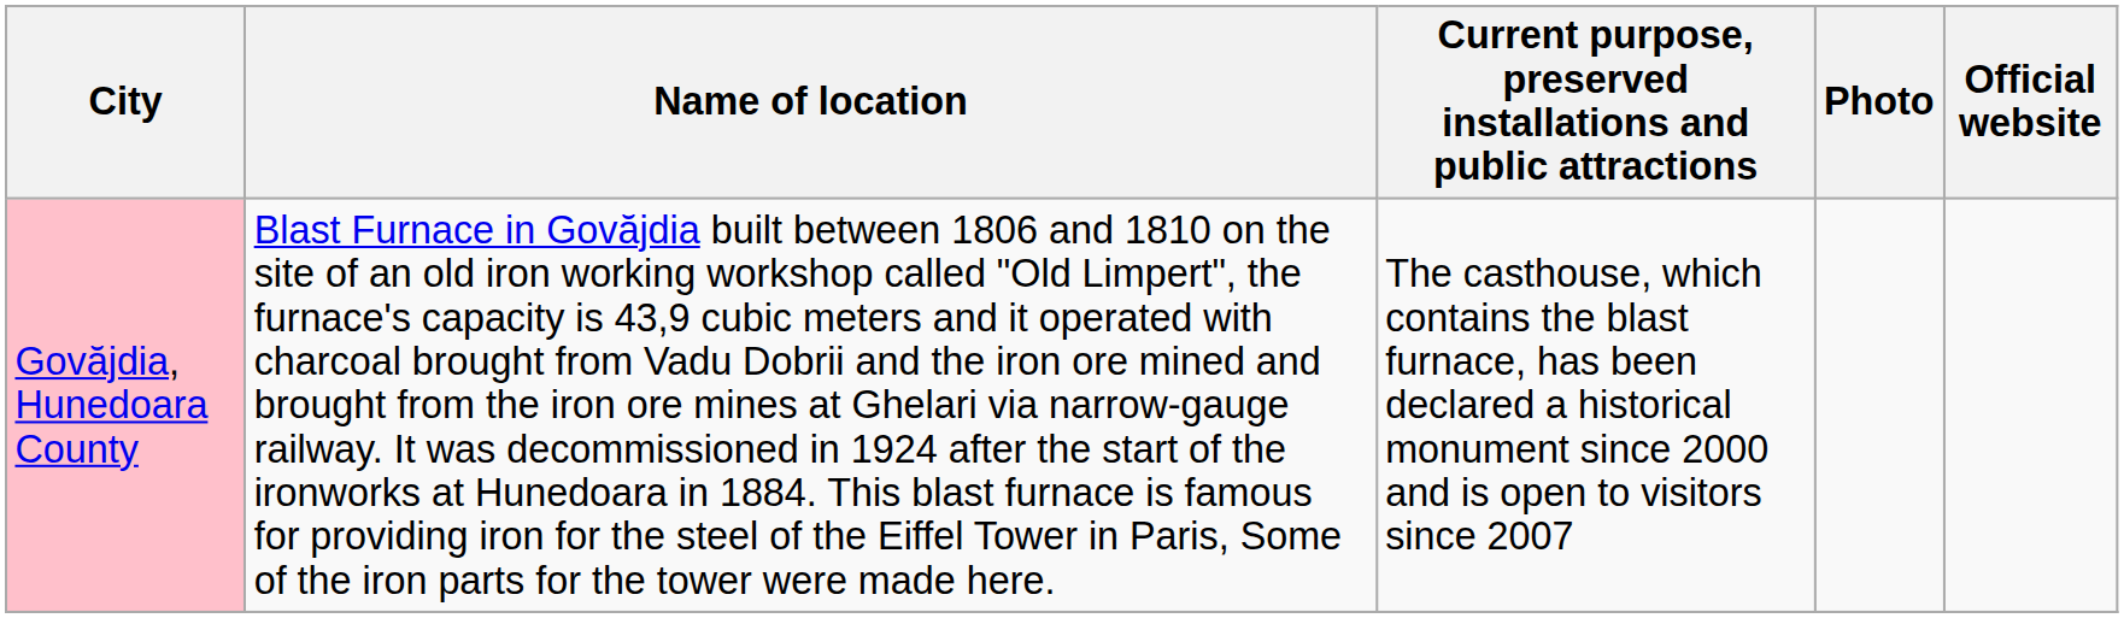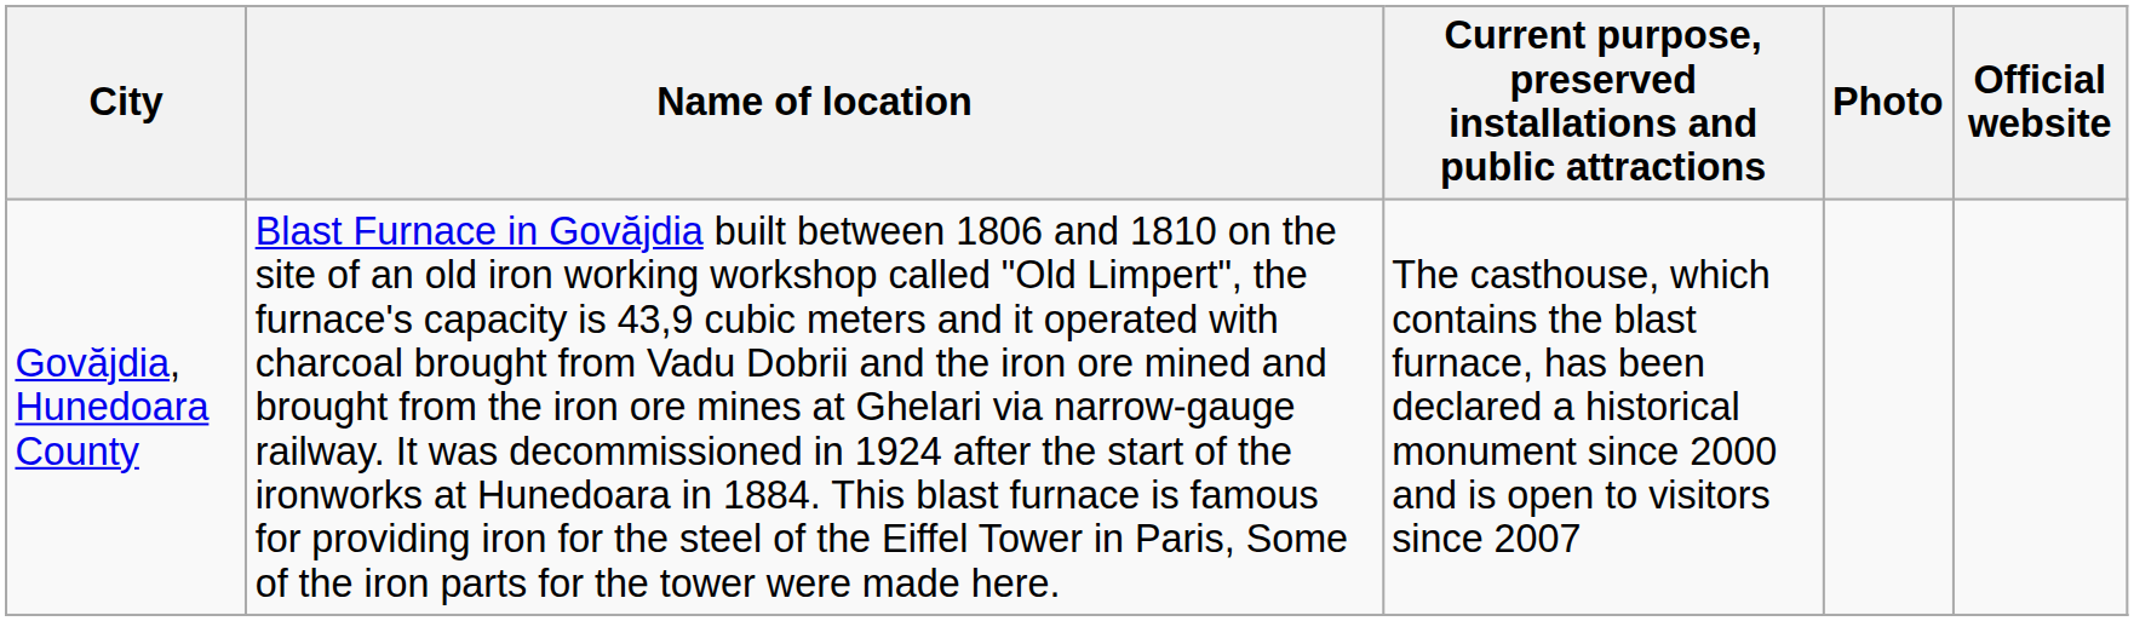 <table class="wikitable">
 <tr>
 <th>City</th>
 <th>Name of location</th>
 <th>Current purpose, preserved installations and public attractions</th>
 <th>Photo</th>
 <th>Official website</th>
 </tr>
 <tr>
-<td style="background: pink;"><a href='#'>Govăjdia</a>, <a href='#'>Hunedoara County</a></td>
+<td><a href='#'>Govăjdia</a>, <a href='#'>Hunedoara County</a></td>
 <td><a href='#'>Blast Furnace in Govăjdia</a> built between 1806 and 1810 on the site of an old iron working workshop called "Old Limpert", the furnace's capacity is 43,9 cubic meters and it operated with charcoal brought from Vadu Dobrii and the iron ore mined and brought from the iron ore mines at Ghelari via narrow-gauge railway. It was decommissioned in 1924 after the start of the ironworks at Hunedoara in 1884. This blast furnace is famous for providing iron for the steel of the Eiffel Tower in Paris, Some of the iron parts for the tower were made here. </td>
 <td>The casthouse, which contains the blast furnace, has been declared a historical monument since 2000 and is open to visitors since 2007</td>
 <td></td>
 <td></td>
 </tr>
 <tr>
 </tr>
 </table>
